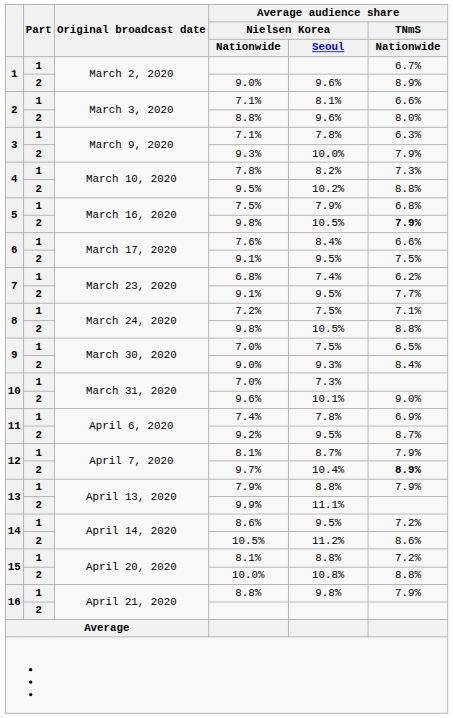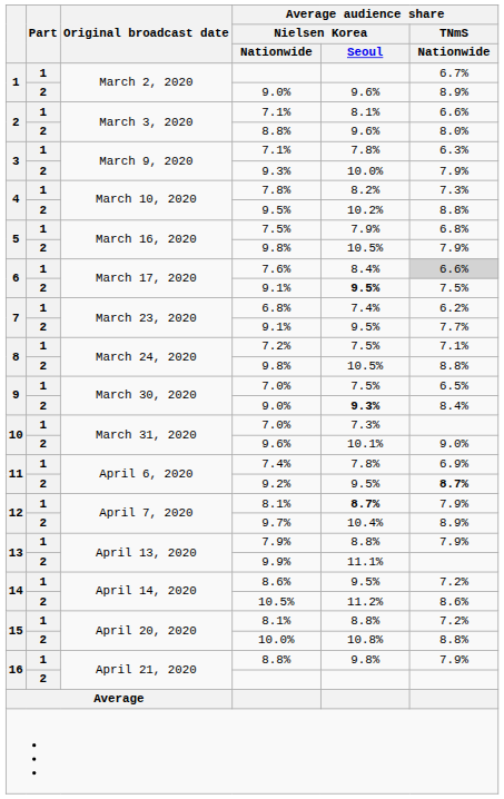 <table class="wikitable" style="text-align:center;max-width:600px; margin-left: auto; margin-right: auto; border: none;">
 <tr>
 </tr>
 <tr>
 <th rowspan="3"></th>
 <th rowspan="3">Part</th>
 <th rowspan="3">Original broadcast date</th>
 <th colspan="3">Average audience share</th>
 </tr>
 <tr>
 <th colspan="2">Nielsen Korea</th>
 <th>TNmS</th>
 </tr>
 <tr>
 <th width="90">Nationwide</th>
 <th width="90"><a href='#'>Seoul</a></th>
 <th width="90">Nationwide</th>
 </tr>
 <tr>
 <th rowspan="2">1</th>
 <th>1</th>
 <td rowspan="2">March 2, 2020</td>
 <td> </td>
 <td> </td>
 <td>6.7% </td>
 </tr>
 <tr>
 <th>2</th>
 <td>9.0% </td>
 <td>9.6% </td>
 <td>8.9% </td>
 </tr>
 <tr>
 <th rowspan="2">2</th>
 <th>1</th>
 <td rowspan="2">March 3, 2020</td>
 <td>7.1% </td>
 <td>8.1% </td>
 <td>6.6% </td>
 </tr>
 <tr>
 <th>2</th>
 <td>8.8% </td>
 <td>9.6% </td>
 <td>8.0% </td>
 </tr>
 <tr>
 <th rowspan="2">3</th>
 <th>1</th>
 <td rowspan="2">March 9, 2020</td>
 <td>7.1% </td>
 <td>7.8% </td>
 <td>6.3% </td>
 </tr>
 <tr>
 <th>2</th>
 <td>9.3% </td>
 <td>10.0% </td>
 <td>7.9% </td>
 </tr>
 <tr>
 <th rowspan="2">4</th>
 <th>1</th>
 <td rowspan="2">March 10, 2020</td>
 <td>7.8% </td>
 <td>8.2% </td>
 <td>7.3% </td>
 </tr>
 <tr>
 <th>2</th>
 <td>9.5% </td>
 <td>10.2% </td>
 <td>8.8% </td>
 </tr>
 <tr>
 <th rowspan="2">5</th>
 <th>1</th>
 <td rowspan="2">March 16, 2020</td>
 <td>7.5% </td>
 <td>7.9% </td>
 <td>6.8% </td>
 </tr>
 <tr>
 <th>2</th>
 <td>9.8% </td>
 <td>10.5% </td>
-<td><strong>7.9% </strong></td>
+<td>7.9% </td>
 </tr>
 <tr>
 <th rowspan="2">6</th>
 <th>1</th>
 <td rowspan="2">March 17, 2020</td>
 <td>7.6% </td>
 <td>8.4% </td>
-<td>6.6% </td>
+<td style="background: lightgrey;">6.6% </td>
 </tr>
 <tr>
 <th>2</th>
 <td>9.1% </td>
-<td>9.5% </td>
+<td><strong>9.5% </strong></td>
 <td>7.5% </td>
 </tr>
 <tr>
 <th rowspan="2">7</th>
 <th>1</th>
 <td rowspan="2">March 23, 2020</td>
 <td>6.8% </td>
 <td>7.4% </td>
 <td>6.2% </td>
 </tr>
 <tr>
 <th>2</th>
 <td>9.1% </td>
 <td>9.5% </td>
 <td>7.7% </td>
 </tr>
 <tr>
 <th rowspan="2">8</th>
 <th>1</th>
 <td rowspan="2">March 24, 2020</td>
 <td>7.2% </td>
 <td>7.5% </td>
 <td>7.1% </td>
 </tr>
 <tr>
 <th>2</th>
 <td>9.8% </td>
 <td>10.5% </td>
 <td>8.8% </td>
 </tr>
 <tr>
 <th rowspan="2">9</th>
 <th>1</th>
 <td rowspan="2">March 30, 2020</td>
 <td>7.0% </td>
 <td>7.5% </td>
 <td>6.5% </td>
 </tr>
 <tr>
 <th>2</th>
 <td>9.0% </td>
-<td>9.3% </td>
+<td><strong>9.3% </strong></td>
 <td>8.4% </td>
 </tr>
 <tr>
 <th rowspan="2">10</th>
 <th>1</th>
 <td rowspan="2">March 31, 2020</td>
 <td>7.0% </td>
 <td>7.3% </td>
 <td> </td>
 </tr>
 <tr>
 <th>2</th>
 <td>9.6% </td>
 <td>10.1% </td>
 <td>9.0% </td>
 </tr>
 <tr>
 <th rowspan="2">11</th>
 <th>1</th>
 <td rowspan="2">April 6, 2020</td>
 <td>7.4% </td>
 <td>7.8% </td>
 <td>6.9% </td>
 </tr>
 <tr>
 <th>2</th>
 <td>9.2% </td>
 <td>9.5% </td>
-<td>8.7% </td>
+<td><strong>8.7% </strong></td>
 </tr>
 <tr>
 <th rowspan="2">12</th>
 <th>1</th>
 <td rowspan="2">April 7, 2020</td>
 <td>8.1% </td>
-<td>8.7% </td>
+<td><strong>8.7% </strong></td>
 <td>7.9% </td>
 </tr>
 <tr>
 <th>2</th>
 <td>9.7% </td>
 <td>10.4% </td>
-<td><strong>8.9% </strong></td>
+<td>8.9% </td>
 </tr>
 <tr>
 <th rowspan="2">13</th>
 <th>1</th>
 <td rowspan="2">April 13, 2020</td>
 <td>7.9% </td>
 <td>8.8% </td>
 <td>7.9% </td>
 </tr>
 <tr>
 <th>2</th>
 <td>9.9% </td>
 <td>11.1% </td>
 <td></td>
 </tr>
 <tr>
 <th rowspan="2">14</th>
 <th>1</th>
 <td rowspan="2">April 14, 2020</td>
 <td>8.6% </td>
 <td>9.5% </td>
 <td>7.2% </td>
 </tr>
 <tr>
 <th>2</th>
 <td>10.5% </td>
 <td>11.2% </td>
 <td>8.6% </td>
 </tr>
 <tr>
 <th rowspan="2">15</th>
 <th>1</th>
 <td rowspan="2">April 20, 2020</td>
 <td>8.1% </td>
 <td>8.8% </td>
 <td>7.2% </td>
 </tr>
 <tr>
 <th>2</th>
 <td>10.0% </td>
 <td>10.8% </td>
 <td>8.8% </td>
 </tr>
 <tr>
 <th rowspan="2">16</th>
 <th>1</th>
 <td rowspan="2">April 21, 2020</td>
 <td>8.8% </td>
 <td>9.8% </td>
 <td>7.9% </td>
 </tr>
 <tr>
 <th>2</th>
 <td> </td>
 <td> </td>
 <td> </td>
 </tr>
 <tr>
 <th colspan="3">Average</th>
 <th></th>
 <th></th>
 <th></th>
 </tr>
 <tr>
 <td colspan="6"><br><ul><li></li><li></li><li></li></ul></td>
 </tr>
 </table>
